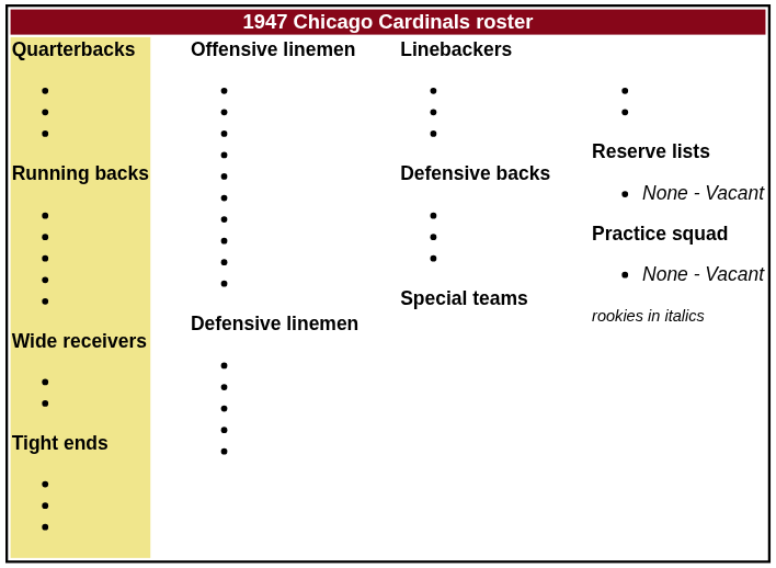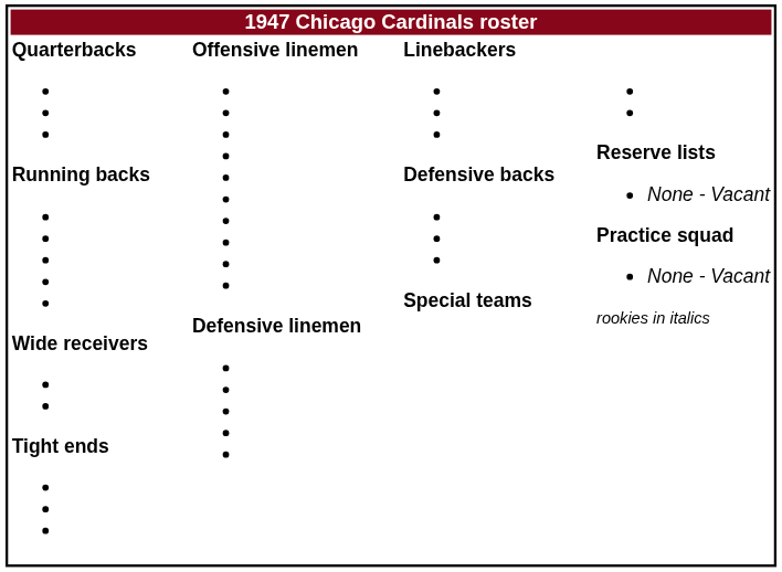 <table class="toccolours" style="text-align: left; border:2px solid black;">
 <tr>
 <th colspan="9" style="background-color: #870619; color: white; text-align: center;"><strong>1947 Chicago Cardinals roster</strong></th>
 </tr>
 <tr>
-<td style="background: khaki; font-size: 95%;" valign="top"><strong>Quarterbacks</strong><br><ul><li></li><li></li><li></li></ul><strong>Running backs</strong><ul><li></li><li></li><li></li><li></li><li></li></ul><strong>Wide receivers</strong><ul><li></li><li></li></ul><strong>Tight ends</strong><ul><li></li><li></li><li></li></ul></td>
+<td style="font-size: 95%;" valign="top"><strong>Quarterbacks</strong><br><ul><li></li><li></li><li></li></ul><strong>Running backs</strong><ul><li></li><li></li><li></li><li></li><li></li></ul><strong>Wide receivers</strong><ul><li></li><li></li></ul><strong>Tight ends</strong><ul><li></li><li></li><li></li></ul></td>
 <td style="width: 25px;"></td>
 <td style="font-size: 95%;" valign="top"><strong>Offensive linemen</strong><br><ul><li></li><li></li><li></li><li></li><li></li><li></li><li></li><li></li><li></li><li></li></ul><strong>Defensive linemen</strong><ul><li></li><li></li><li></li><li></li><li></li></ul></td>
 <td style="width: 25px;"></td>
 <td style="font-size: 95%;" valign="top"><strong>Linebackers</strong><br><ul><li></li><li></li><li></li></ul><strong>Defensive backs</strong><ul><li></li><li></li><li></li></ul><strong>Special teams</strong></td>
 <td style="width: 25px;"></td>
 <td style="font-size: 95%;" valign="top"><br><ul><li></li><li></li></ul><strong>Reserve lists</strong><ul><li><em>None - Vacant</em></li></ul><strong>Practice squad</strong><ul><li><em>None - Vacant</em></li></ul><small><em>rookies in italics</em></small><br></td>
 </tr>
 </table>
